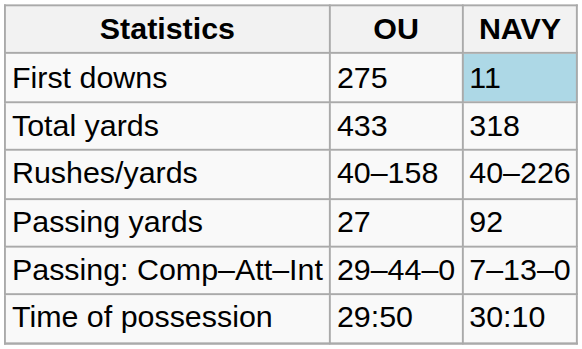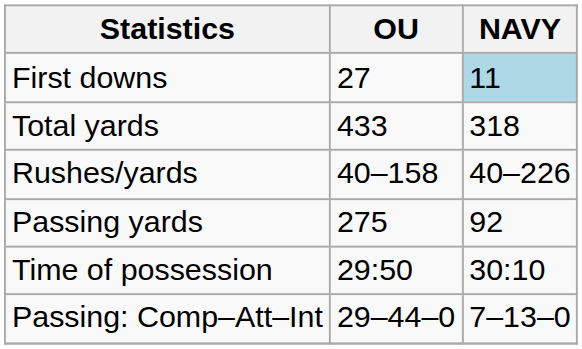 <table class="wikitable" style="float: left;">
 <tr>
 <th>Statistics</th>
 <th>OU</th>
 <th>NAVY</th>
 </tr>
 <tr>
 <td>First downs</td>
-<td>275</td>
+<td>27</td>
 <td style="background: lightblue;">11</td>
 </tr>
 <tr>
 <td>Total yards</td>
 <td>433</td>
 <td>318</td>
 </tr>
 <tr>
 <td>Rushes/yards</td>
 <td>40–158</td>
 <td>40–226</td>
 </tr>
 <tr>
 <td>Passing yards</td>
-<td>27</td>
+<td>275</td>
 <td>92</td>
+</tr>
+<tr>
+<td>Time of possession</td>
+<td>29:50</td>
+<td>30:10</td>
 </tr>
 <tr>
 <td>Passing: Comp–Att–Int</td>
 <td>29–44–0</td>
 <td>7–13–0</td>
 </tr>
 <tr>
-<td>Time of possession</td>
-<td>29:50</td>
-<td>30:10</td>
-</tr>
-<tr>
 </tr>
 </table>
